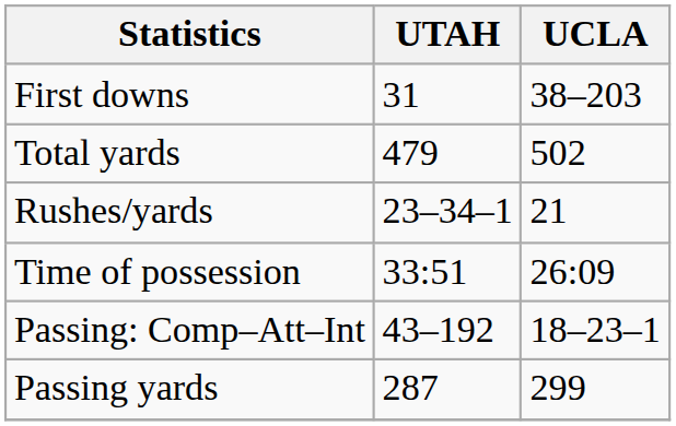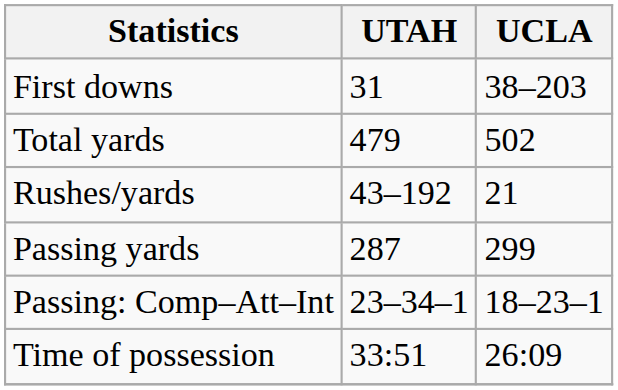 <table class="wikitable" style="float: left;">
 <tr>
 <th>Statistics</th>
 <th>UTAH</th>
 <th>UCLA</th>
 </tr>
 <tr>
 <td>First downs</td>
 <td>31</td>
 <td>38–203</td>
 </tr>
 <tr>
 <td>Total yards</td>
 <td>479</td>
 <td>502</td>
 </tr>
 <tr>
 <td>Rushes/yards</td>
+<td>43–192</td>
+<td>21</td>
+</tr>
+<tr>
+<td>Passing yards</td>
+<td>287</td>
+<td>299</td>
+</tr>
+<tr>
+<td>Passing: Comp–Att–Int</td>
 <td>23–34–1</td>
-<td>21</td>
+<td>18–23–1</td>
 </tr>
 <tr>
 <td>Time of possession</td>
 <td>33:51</td>
 <td>26:09</td>
 </tr>
 <tr>
-<td>Passing: Comp–Att–Int</td>
-<td>43–192</td>
-<td>18–23–1</td>
-</tr>
-<tr>
-<td>Passing yards</td>
-<td>287</td>
-<td>299</td>
-</tr>
-<tr>
 </tr>
 </table>
